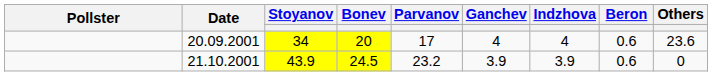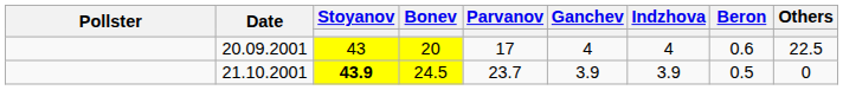 <table class="wikitable" style="text-align:center;font-size:95%;line-height:14px;">
 <tr>
 <th rowspan=2 width=180px>Pollster</th>
 <th rowspan=2 width=80px>Date</th>
 <th width=50px><a href='#'>Stoyanov</a></th>
 <th width=50px><a href='#'>Bonev</a></th>
 <th width=50px><a href='#'>Parvanov</a></th>
 <th width=50px><a href='#'>Ganchev</a></th>
 <th width=50px><a href='#'>Indzhova</a></th>
 <th width=50px><a href='#'>Beron</a></th>
 <th width=50px>Others</th>
 </tr>
 <tr>
 <th style="background:"></th>
 <th style="background:"></th>
 <th style="background:"></th>
 <th style="background:"></th>
 <th style="background:"></th>
 <th style="background:"></th>
 <th style="background:;"></th>
 </tr>
 <tr>
 <td></td>
 <td>20.09.2001</td>
-<td bgcolor=#FFFF00>34</td>
+<td bgcolor=#FFFF00>43</td>
 <td bgcolor=#FFFF00>20</td>
 <td>17</td>
 <td>4</td>
 <td>4</td>
 <td>0.6</td>
-<td>23.6</td>
+<td>22.5</td>
 </tr>
 <tr>
 <td></td>
 <td>21.10.2001</td>
-<td bgcolor=#FFFF00>43.9</td>
+<td bgcolor=#FFFF00><strong>43.9</strong></td>
 <td bgcolor=#FFFF00>24.5</td>
-<td>23.2</td>
+<td>23.7</td>
 <td>3.9</td>
 <td>3.9</td>
-<td>0.6</td>
+<td>0.5</td>
 <td>0</td>
 </tr>
 </table>
